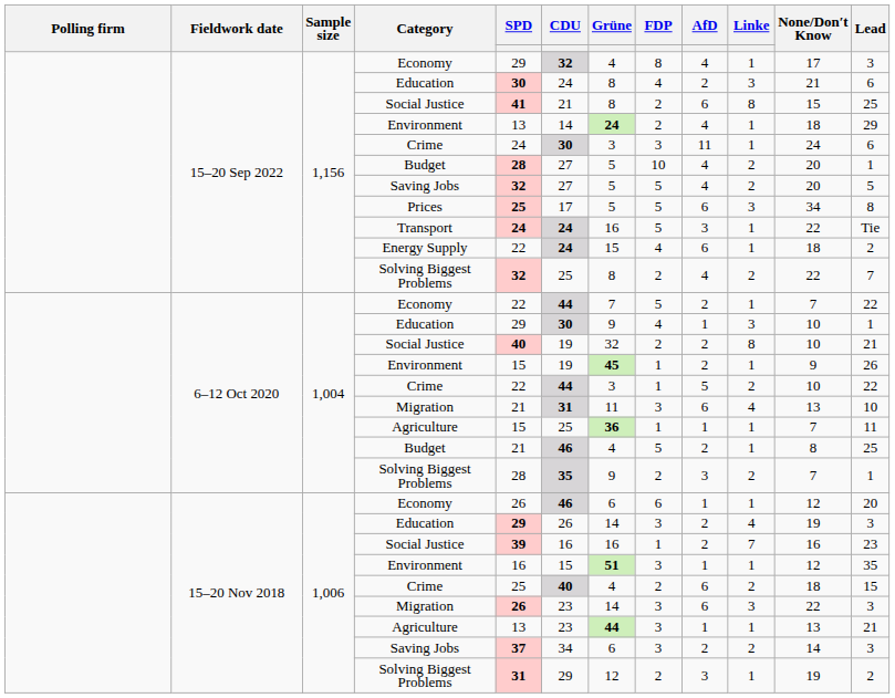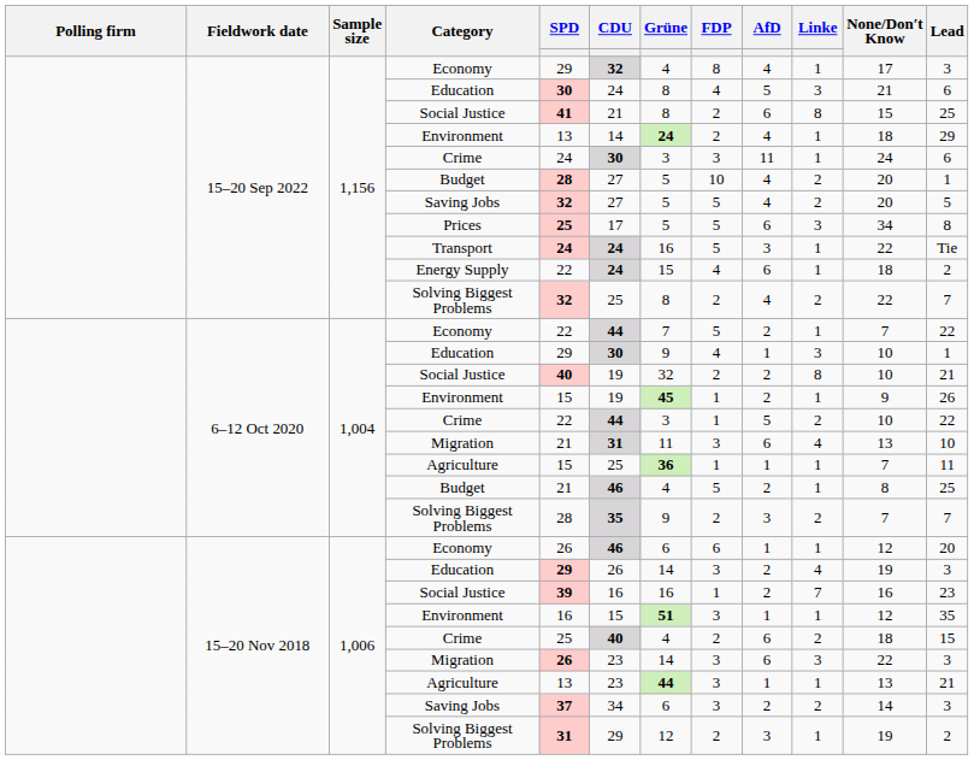 <table class="wikitable sortable" style="text-align:center;font-size:90%;line-height:14px;">
 <tr style="height:40px;">
 <th style="width:160px;" rowspan="2">Polling firm</th>
 <th style="width:125px;" rowspan="2">Fieldwork date</th>
 <th style="width:35px;" rowspan="2">Sample<br>size</th>
 <th style="width:135px;" rowspan="2">Category</th>
 <th class="unsortable" style="width:40px;"><a href='#'>SPD</a></th>
 <th class="unsortable" style="width:40px;"><a href='#'>CDU</a></th>
 <th class="unsortable" style="width:40px;"><a href='#'>Grüne</a></th>
 <th class="unsortable" style="width:40px;"><a href='#'>FDP</a></th>
 <th class="unsortable" style="width:40px;"><a href='#'>AfD</a></th>
 <th class="unsortable" style="width:40px;"><a href='#'>Linke</a></th>
 <th class="unsortable" style="width:40px;" rowspan="2">None/Don′t Know</th>
 <th style="width:30px;" rowspan="2">Lead</th>
 </tr>
 <tr>
 <th style="background:"></th>
 <th style="background:"></th>
 <th style="background:"></th>
 <th style="background:"></th>
 <th style="background:"></th>
 <th style="background:"></th>
 </tr>
 <tr>
 <td rowspan="11"></td>
 <td data-sort-value="2022-09-20" rowspan="11">15–20 Sep 2022</td>
 <td rowspan="11">1,156</td>
 <td>Economy</td>
 <td>29</td>
 <td style="background:#D7D5D7"><strong>32</strong></td>
 <td>4</td>
 <td>8</td>
 <td>4</td>
 <td>1</td>
 <td>17</td>
 <td style="background:">3</td>
 </tr>
 <tr>
 <td>Education</td>
 <td style="background:#FFCCCC"><strong>30</strong></td>
 <td>24</td>
 <td>8</td>
 <td>4</td>
-<td>2</td>
+<td>5</td>
 <td>3</td>
 <td>21</td>
 <td style="background:">6</td>
 </tr>
 <tr>
 <td>Social Justice</td>
 <td style="background:#FFCCCC"><strong>41</strong></td>
 <td>21</td>
 <td>8</td>
 <td>2</td>
 <td>6</td>
 <td>8</td>
 <td>15</td>
 <td style="background:">25</td>
 </tr>
 <tr>
 <td>Environment</td>
 <td>13</td>
 <td>14</td>
 <td style="background:#CEEFBA"><strong>24</strong></td>
 <td>2</td>
 <td>4</td>
 <td>1</td>
 <td>18</td>
 <td style="background:">29</td>
 </tr>
 <tr>
 <td>Crime</td>
 <td>24</td>
 <td style="background:#D7D5D7"><strong>30</strong></td>
 <td>3</td>
 <td>3</td>
 <td>11</td>
 <td>1</td>
 <td>24</td>
 <td style="background:">6</td>
 </tr>
 <tr>
 <td>Budget</td>
 <td style="background:#FFCCCC"><strong>28</strong></td>
 <td>27</td>
 <td>5</td>
 <td>10</td>
 <td>4</td>
 <td>2</td>
 <td>20</td>
 <td style="background:">1</td>
 </tr>
 <tr>
 <td>Saving Jobs</td>
 <td style="background:#FFCCCC"><strong>32</strong></td>
 <td>27</td>
 <td>5</td>
 <td>5</td>
 <td>4</td>
 <td>2</td>
 <td>20</td>
 <td style="background:">5</td>
 </tr>
 <tr>
 <td>Prices</td>
 <td style="background:#FFCCCC"><strong>25</strong></td>
 <td>17</td>
 <td>5</td>
 <td>5</td>
 <td>6</td>
 <td>3</td>
 <td>34</td>
 <td style="background:">8</td>
 </tr>
 <tr>
 <td>Transport</td>
 <td style="background:#FFCCCC"><strong>24</strong></td>
 <td style="background:#D7D5D7"><strong>24</strong></td>
 <td>16</td>
 <td>5</td>
 <td>3</td>
 <td>1</td>
 <td>22</td>
 <td>Tie</td>
 </tr>
 <tr>
 <td>Energy Supply</td>
 <td>22</td>
 <td style="background:#D7D5D7"><strong>24</strong></td>
 <td>15</td>
 <td>4</td>
 <td>6</td>
 <td>1</td>
 <td>18</td>
 <td style="background:">2</td>
 </tr>
 <tr>
 <td>Solving Biggest Problems</td>
 <td style="background:#FFCCCC"><strong>32</strong></td>
 <td>25</td>
 <td>8</td>
 <td>2</td>
 <td>4</td>
 <td>2</td>
 <td>22</td>
 <td style="background:">7</td>
 </tr>
 <tr>
 <td rowspan="9"></td>
 <td data-sort-value="2020-10-15" rowspan="9">6–12 Oct 2020</td>
 <td rowspan="9">1,004</td>
 <td>Economy</td>
 <td>22</td>
 <td style="background:#D7D5D7"><strong>44</strong></td>
 <td>7</td>
 <td>5</td>
 <td>2</td>
 <td>1</td>
 <td>7</td>
 <td style="background:">22</td>
 </tr>
 <tr>
 <td>Education</td>
 <td>29</td>
 <td style="background:#D7D5D7"><strong>30</strong></td>
 <td>9</td>
 <td>4</td>
 <td>1</td>
 <td>3</td>
 <td>10</td>
 <td style="background:">1</td>
 </tr>
 <tr>
 <td>Social Justice</td>
 <td style="background:#FFCCCC"><strong>40</strong></td>
 <td>19</td>
 <td>32</td>
 <td>2</td>
 <td>2</td>
 <td>8</td>
 <td>10</td>
 <td style="background:">21</td>
 </tr>
 <tr>
 <td>Environment</td>
 <td>15</td>
 <td>19</td>
 <td style="background:#CEEFBA"><strong>45</strong></td>
 <td>1</td>
 <td>2</td>
 <td>1</td>
 <td>9</td>
 <td style="background:">26</td>
 </tr>
 <tr>
 <td>Crime</td>
 <td>22</td>
 <td style="background:#D7D5D7"><strong>44</strong></td>
 <td>3</td>
 <td>1</td>
 <td>5</td>
 <td>2</td>
 <td>10</td>
 <td style="background:">22</td>
 </tr>
 <tr>
 <td>Migration</td>
 <td>21</td>
 <td style="background:#D7D5D7"><strong>31</strong></td>
 <td>11</td>
 <td>3</td>
 <td>6</td>
 <td>4</td>
 <td>13</td>
 <td style="background:">10</td>
 </tr>
 <tr>
 <td>Agriculture</td>
 <td>15</td>
 <td>25</td>
 <td style="background:#CEEFBA"><strong>36</strong></td>
 <td>1</td>
 <td>1</td>
 <td>1</td>
 <td>7</td>
 <td style="background:">11</td>
 </tr>
 <tr>
 <td>Budget</td>
 <td>21</td>
 <td style="background:#D7D5D7"><strong>46</strong></td>
 <td>4</td>
 <td>5</td>
 <td>2</td>
 <td>1</td>
 <td>8</td>
 <td style="background:">25</td>
 </tr>
 <tr>
 <td>Solving Biggest Problems</td>
 <td>28</td>
 <td style="background:#D7D5D7"><strong>35</strong></td>
 <td>9</td>
 <td>2</td>
 <td>3</td>
 <td>2</td>
 <td>7</td>
-<td style="background:">1</td>
+<td style="background:">7</td>
 </tr>
 <tr>
 <td rowspan="9"></td>
 <td data-sort-value="2018-11-22" rowspan="9">15–20 Nov 2018</td>
 <td rowspan="9">1,006</td>
 <td>Economy</td>
 <td>26</td>
 <td style="background:#D7D5D7"><strong>46</strong></td>
 <td>6</td>
 <td>6</td>
 <td>1</td>
 <td>1</td>
 <td>12</td>
 <td style="background:">20</td>
 </tr>
 <tr>
 <td>Education</td>
 <td style="background:#FFCCCC"><strong>29</strong></td>
 <td>26</td>
 <td>14</td>
 <td>3</td>
 <td>2</td>
 <td>4</td>
 <td>19</td>
 <td style="background:">3</td>
 </tr>
 <tr>
 <td>Social Justice</td>
 <td style="background:#FFCCCC"><strong>39</strong></td>
 <td>16</td>
 <td>16</td>
 <td>1</td>
 <td>2</td>
 <td>7</td>
 <td>16</td>
 <td style="background:">23</td>
 </tr>
 <tr>
 <td>Environment</td>
 <td>16</td>
 <td>15</td>
 <td style="background:#CEEFBA"><strong>51</strong></td>
 <td>3</td>
 <td>1</td>
 <td>1</td>
 <td>12</td>
 <td style="background:">35</td>
 </tr>
 <tr>
 <td>Crime</td>
 <td>25</td>
 <td style="background:#D7D5D7"><strong>40</strong></td>
 <td>4</td>
 <td>2</td>
 <td>6</td>
 <td>2</td>
 <td>18</td>
 <td style="background:">15</td>
 </tr>
 <tr>
 <td>Migration</td>
 <td style="background:#FFCCCC"><strong>26</strong></td>
 <td>23</td>
 <td>14</td>
 <td>3</td>
 <td>6</td>
 <td>3</td>
 <td>22</td>
 <td style="background:">3</td>
 </tr>
 <tr>
 <td>Agriculture</td>
 <td>13</td>
 <td>23</td>
 <td style="background:#CEEFBA"><strong>44</strong></td>
 <td>3</td>
 <td>1</td>
 <td>1</td>
 <td>13</td>
 <td style="background:">21</td>
 </tr>
 <tr>
 <td>Saving Jobs</td>
 <td style="background:#FFCCCC"><strong>37</strong></td>
 <td>34</td>
 <td>6</td>
 <td>3</td>
 <td>2</td>
 <td>2</td>
 <td>14</td>
 <td style="background:">3</td>
 </tr>
 <tr>
 <td>Solving Biggest Problems</td>
 <td style="background:#FFCCCC"><strong>31</strong></td>
 <td>29</td>
 <td>12</td>
 <td>2</td>
 <td>3</td>
 <td>1</td>
 <td>19</td>
 <td style="background:">2</td>
 </tr>
 </table>
